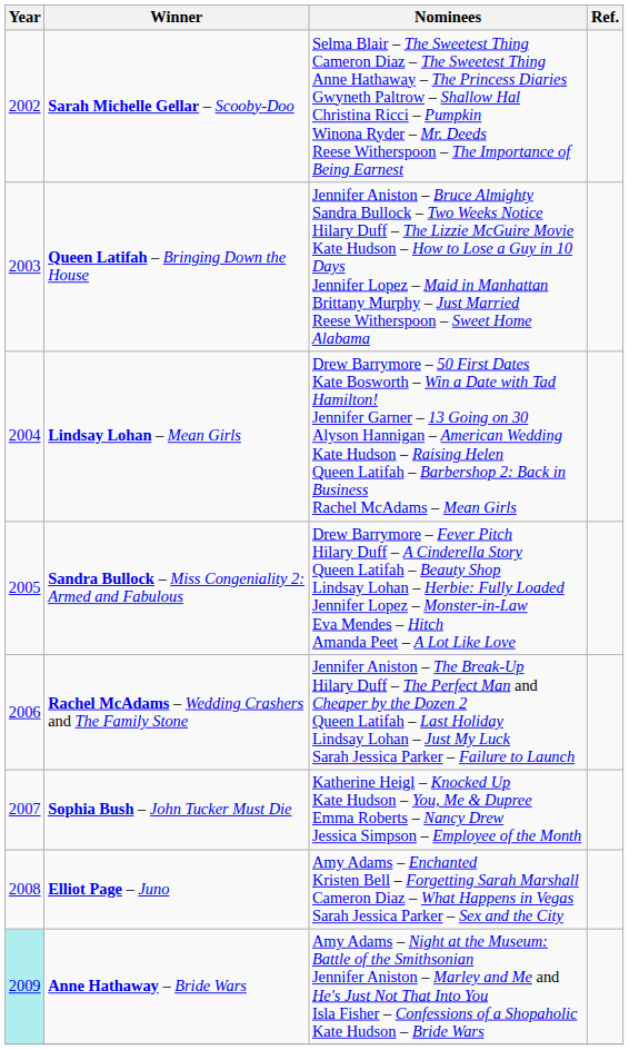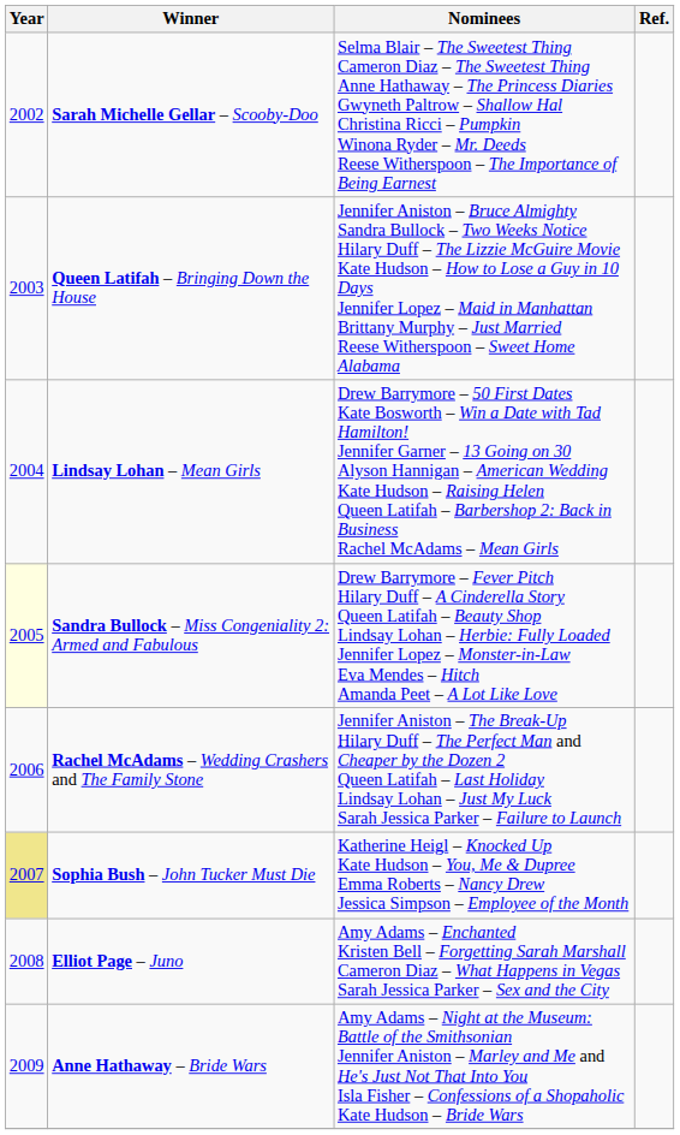 <table class="wikitable" width=70%>
 <tr>
 <th>Year</th>
 <th>Winner</th>
 <th>Nominees</th>
 <th>Ref.</th>
 </tr>
 <tr>
 <td align="center"><a href='#'>2002</a></td>
 <td><strong><a href='#'>Sarah Michelle Gellar</a></strong> – <em><a href='#'>Scooby-Doo</a></em></td>
 <td><a href='#'>Selma Blair</a> – <em><a href='#'>The Sweetest Thing</a></em><br><a href='#'>Cameron Diaz</a> – <em><a href='#'>The Sweetest Thing</a></em><br><a href='#'>Anne Hathaway</a> – <em><a href='#'>The Princess Diaries</a></em><br><a href='#'>Gwyneth Paltrow</a> – <em><a href='#'>Shallow Hal</a></em><br><a href='#'>Christina Ricci</a> – <em><a href='#'>Pumpkin</a></em><br><a href='#'>Winona Ryder</a> – <em><a href='#'>Mr. Deeds</a></em><br><a href='#'>Reese Witherspoon</a> – <em><a href='#'>The Importance of Being Earnest</a></em></td>
 <td align="center"></td>
 </tr>
 <tr>
 <td align="center"><a href='#'>2003</a></td>
 <td><strong><a href='#'>Queen Latifah</a></strong> – <em><a href='#'>Bringing Down the House</a></em></td>
 <td><a href='#'>Jennifer Aniston</a> – <em><a href='#'>Bruce Almighty</a></em><br><a href='#'>Sandra Bullock</a> – <em><a href='#'>Two Weeks Notice</a></em><br><a href='#'>Hilary Duff</a> – <em><a href='#'>The Lizzie McGuire Movie</a></em><br><a href='#'>Kate Hudson</a> – <em><a href='#'>How to Lose a Guy in 10 Days</a></em><br><a href='#'>Jennifer Lopez</a> – <em><a href='#'>Maid in Manhattan</a></em><br><a href='#'>Brittany Murphy</a> – <em><a href='#'>Just Married</a></em><br><a href='#'>Reese Witherspoon</a> – <em><a href='#'>Sweet Home Alabama</a></em></td>
 <td align="center"></td>
 </tr>
 <tr>
 <td align="center"><a href='#'>2004</a></td>
 <td><strong><a href='#'>Lindsay Lohan</a></strong> – <em><a href='#'>Mean Girls</a></em></td>
 <td><a href='#'>Drew Barrymore</a> – <em><a href='#'>50 First Dates</a></em><br><a href='#'>Kate Bosworth</a> – <em><a href='#'>Win a Date with Tad Hamilton!</a></em><br><a href='#'>Jennifer Garner</a> – <em><a href='#'>13 Going on 30</a></em><br><a href='#'>Alyson Hannigan</a> – <em><a href='#'>American Wedding</a></em><br><a href='#'>Kate Hudson</a> – <em><a href='#'>Raising Helen</a></em><br><a href='#'>Queen Latifah</a> – <em><a href='#'>Barbershop 2: Back in Business</a></em><br><a href='#'>Rachel McAdams</a> – <em><a href='#'>Mean Girls</a></em></td>
 <td align="center"></td>
 </tr>
 <tr>
-<td align="center"><a href='#'>2005</a></td>
+<td align="center" style="background: lightyellow;"><a href='#'>2005</a></td>
 <td><strong><a href='#'>Sandra Bullock</a></strong> – <em><a href='#'>Miss Congeniality 2: Armed and Fabulous</a></em></td>
 <td><a href='#'>Drew Barrymore</a> – <em><a href='#'>Fever Pitch</a></em><br><a href='#'>Hilary Duff</a> – <em><a href='#'>A Cinderella Story</a></em><br><a href='#'>Queen Latifah</a> – <em><a href='#'>Beauty Shop</a></em><br><a href='#'>Lindsay Lohan</a> – <em><a href='#'>Herbie: Fully Loaded</a></em><br><a href='#'>Jennifer Lopez</a> – <em><a href='#'>Monster-in-Law</a></em><br><a href='#'>Eva Mendes</a> – <em><a href='#'>Hitch</a></em><br><a href='#'>Amanda Peet</a> – <em><a href='#'>A Lot Like Love</a></em></td>
 <td align="center"></td>
 </tr>
 <tr>
 <td align="center"><a href='#'>2006</a></td>
 <td><strong><a href='#'>Rachel McAdams</a></strong> – <em><a href='#'>Wedding Crashers</a></em> and <em><a href='#'>The Family Stone</a></em></td>
 <td><a href='#'>Jennifer Aniston</a> – <em><a href='#'>The Break-Up</a></em><br><a href='#'>Hilary Duff</a> – <em><a href='#'>The Perfect Man</a></em> and <em><a href='#'>Cheaper by the Dozen 2</a></em><br><a href='#'>Queen Latifah</a> – <em><a href='#'>Last Holiday</a></em><br><a href='#'>Lindsay Lohan</a> – <em><a href='#'>Just My Luck</a></em><br><a href='#'>Sarah Jessica Parker</a> – <em><a href='#'>Failure to Launch</a></em></td>
 <td align="center"></td>
 </tr>
 <tr>
-<td align="center"><a href='#'>2007</a></td>
+<td align="center" style="background: khaki;"><a href='#'>2007</a></td>
 <td><strong><a href='#'>Sophia Bush</a></strong> – <em><a href='#'>John Tucker Must Die</a></em></td>
 <td><a href='#'>Katherine Heigl</a> – <em><a href='#'>Knocked Up</a></em><br><a href='#'>Kate Hudson</a> – <em><a href='#'>You, Me & Dupree</a></em><br><a href='#'>Emma Roberts</a> – <em><a href='#'>Nancy Drew</a></em><br><a href='#'>Jessica Simpson</a> – <em><a href='#'>Employee of the Month</a></em></td>
 <td align="center"></td>
 </tr>
 <tr>
 <td align="center"><a href='#'>2008</a></td>
 <td><strong><a href='#'>Elliot Page</a></strong> – <em><a href='#'>Juno</a></em></td>
 <td><a href='#'>Amy Adams</a> – <em><a href='#'>Enchanted</a></em><br><a href='#'>Kristen Bell</a> – <em><a href='#'>Forgetting Sarah Marshall</a></em><br><a href='#'>Cameron Diaz</a> – <em><a href='#'>What Happens in Vegas</a></em><br><a href='#'>Sarah Jessica Parker</a> – <em><a href='#'>Sex and the City</a></em></td>
 <td align="center"></td>
 </tr>
 <tr>
-<td align="center" style="background: paleturquoise;"><a href='#'>2009</a></td>
+<td align="center"><a href='#'>2009</a></td>
 <td><strong><a href='#'>Anne Hathaway</a></strong> – <em><a href='#'>Bride Wars</a></em></td>
 <td><a href='#'>Amy Adams</a> – <em><a href='#'>Night at the Museum: Battle of the Smithsonian</a></em><br><a href='#'>Jennifer Aniston</a> – <em><a href='#'>Marley and Me</a></em> and <em><a href='#'>He's Just Not That Into You</a></em><br><a href='#'>Isla Fisher</a> – <em><a href='#'>Confessions of a Shopaholic</a></em><br><a href='#'>Kate Hudson</a> – <em><a href='#'>Bride Wars</a></em></td>
 <td align="center"></td>
 </tr>
 <tr>
 </tr>
 </table>
